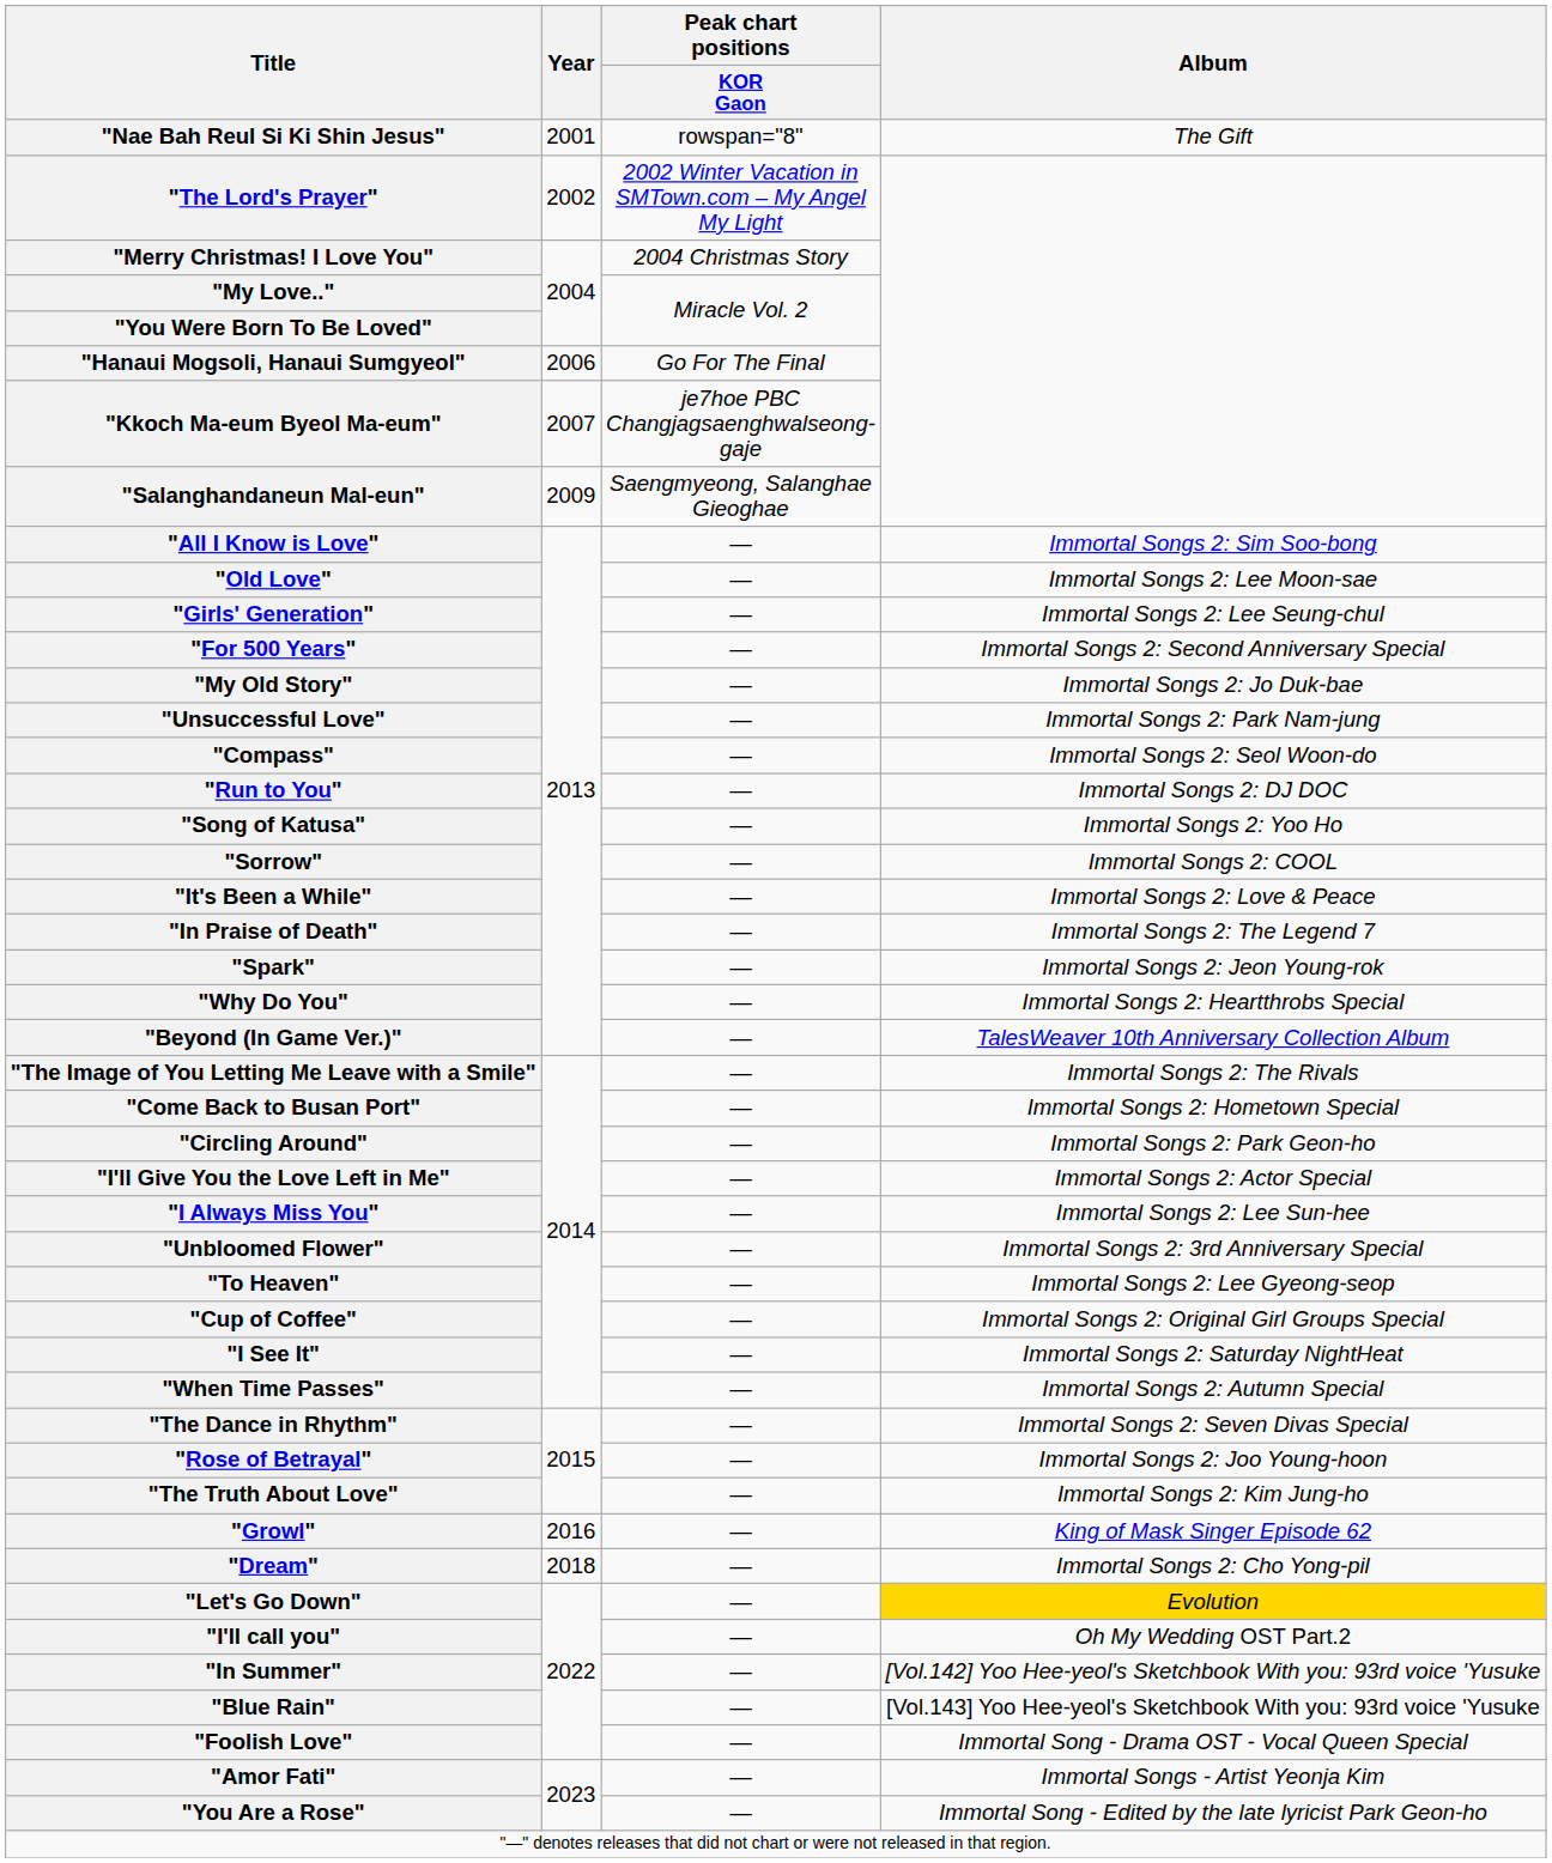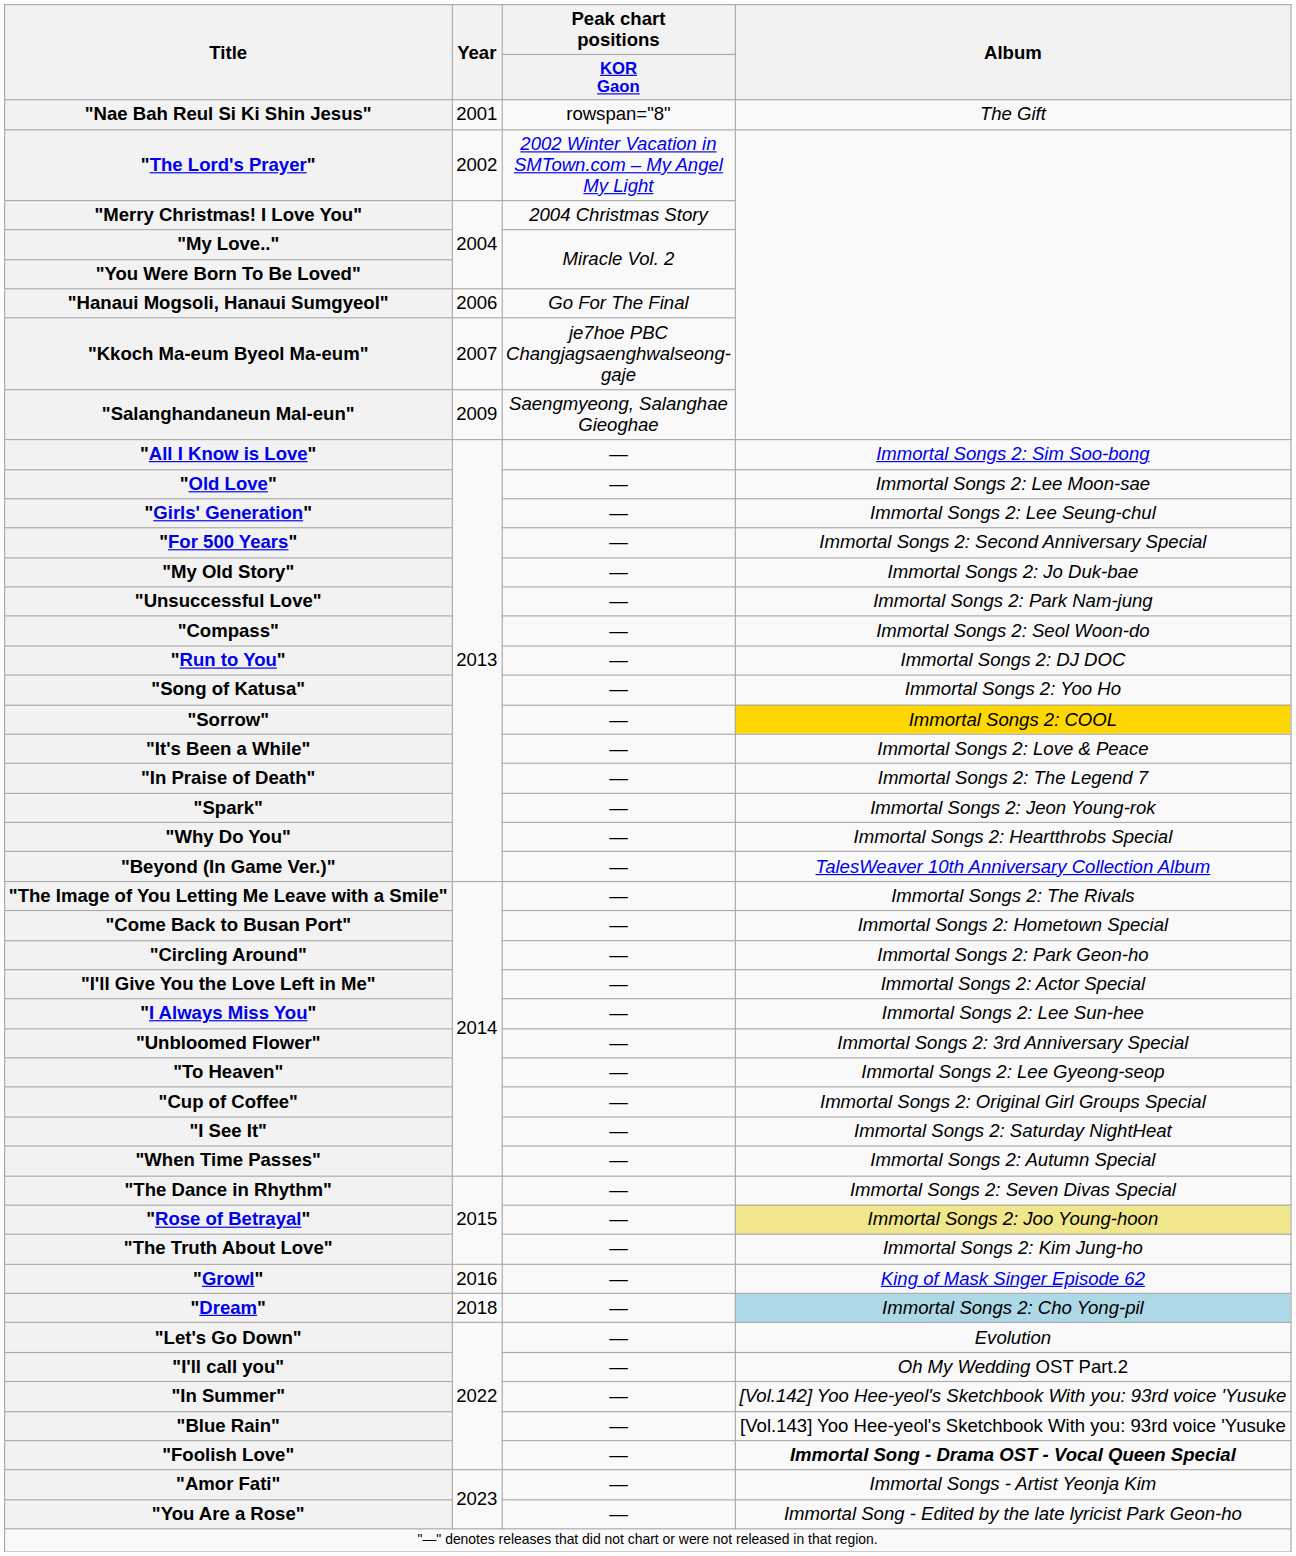 <table class="wikitable plainrowheaders" style="text-align:center;">
 <tr>
 <th scope="col" rowspan="2">Title</th>
 <th scope="col" rowspan="2">Year</th>
 <th scope="col" colspan="1">Peak chart<br>positions</th>
 <th scope="col" rowspan="2">Album</th>
 </tr>
 <tr>
 <th scope="col" style="width:3em;font-size:90%;"><a href='#'>KOR<br>Gaon</a></th>
 </tr>
 <tr>
 <th scope="row">"Nae Bah Reul Si Ki Shin Jesus" </th>
 <td>2001</td>
 <td>rowspan="8" </td>
 <td rowspan="1"><em>The Gift</em></td>
 </tr>
 <tr>
 <th scope="row">"<a href='#'>The Lord's Prayer</a>" </th>
 <td rowspan="1">2002</td>
 <td><em><a href='#'>2002 Winter Vacation in SMTown.com – My Angel My Light</a></em></td>
 </tr>
 <tr>
 <th scope="row">"Merry Christmas! I Love You"</th>
 <td rowspan="3">2004</td>
 <td><em>2004 Christmas Story </em></td>
 </tr>
 <tr>
 <th scope="row">"My Love.."</th>
 <td rowspan="2"><em>Miracle Vol. 2</em></td>
 </tr>
 <tr>
 <th scope="row">"You Were Born To Be Loved" </th>
 </tr>
 <tr>
 <th scope="row">"Hanaui Mogsoli, Hanaui Sumgyeol" <br>  </th>
 <td rowspan="1">2006</td>
 <td><em>Go For The Final</em></td>
 </tr>
 <tr>
 <th scope="row">"Kkoch Ma-eum Byeol Ma-eum" </th>
 <td rowspan="1">2007</td>
 <td><em>je7hoe PBC Changjagsaenghwalseong-gaje</em><br></td>
 </tr>
 <tr>
 <th scope="row">"Salanghandaneun Mal-eun" </th>
 <td rowspan="1">2009</td>
 <td><em>Saengmyeong, Salanghae Gieoghae</em> <br></td>
 </tr>
 <tr>
 <th scope="row">"<a href='#'>All I Know is Love</a>" </th>
 <td rowspan="15">2013</td>
 <td rowspan="1">—</td>
 <td rowspan="1"><em><a href='#'>Immortal Songs 2: Sim Soo-bong</a></em></td>
 </tr>
 <tr>
 <th scope="row">"<a href='#'>Old Love</a>" </th>
 <td rowspan="1">—</td>
 <td rowspan="1"><em>Immortal Songs 2: Lee Moon-sae</em></td>
 </tr>
 <tr>
 <th scope="row">"<a href='#'>Girls' Generation</a>" </th>
 <td rowspan="1">—</td>
 <td rowspan="1"><em>Immortal Songs 2: Lee Seung-chul</em></td>
 </tr>
 <tr>
 <th scope="row">"<a href='#'>For 500 Years</a>" </th>
 <td rowspan="1">—</td>
 <td rowspan="1"><em>Immortal Songs 2: Second Anniversary Special</em></td>
 </tr>
 <tr>
 <th scope="row">"My Old Story" </th>
 <td rowspan="1">—</td>
 <td rowspan="1"><em>Immortal Songs 2: Jo Duk-bae</em></td>
 </tr>
 <tr>
 <th scope="row">"Unsuccessful Love" </th>
 <td rowspan="1">—</td>
 <td rowspan="1"><em>Immortal Songs 2: Park Nam-jung</em></td>
 </tr>
 <tr>
 <th scope="row">"Compass" </th>
 <td rowspan="1">—</td>
 <td rowspan="1"><em>Immortal Songs 2: Seol Woon-do</em></td>
 </tr>
 <tr>
 <th scope="row">"<a href='#'>Run to You</a>"</th>
 <td rowspan="1">—</td>
 <td rowspan="1"><em>Immortal Songs 2: DJ DOC</em></td>
 </tr>
 <tr>
 <th scope="row">"Song of Katusa" </th>
 <td rowspan="1">—</td>
 <td rowspan="1"><em>Immortal Songs 2: Yoo Ho</em></td>
 </tr>
 <tr>
 <th scope="row">"Sorrow"  </th>
 <td rowspan="1">—</td>
-<td rowspan="1"><em>Immortal Songs 2: COOL</em></td>
+<td rowspan="1" style="background: gold;"><em>Immortal Songs 2: COOL</em></td>
 </tr>
 <tr>
 <th scope="row">"It's Been a While" </th>
 <td rowspan="1">—</td>
 <td rowspan="1"><em>Immortal Songs 2: Love & Peace</em></td>
 </tr>
 <tr>
 <th scope="row">"In Praise of Death" </th>
 <td rowspan="1">—</td>
 <td rowspan="1"><em>Immortal Songs 2: The Legend 7</em></td>
 </tr>
 <tr>
 <th scope="row">"Spark" </th>
 <td rowspan="1">—</td>
 <td rowspan="1"><em>Immortal Songs 2: Jeon Young-rok</em></td>
 </tr>
 <tr>
 <th scope="row">"Why Do You"  </th>
 <td rowspan="1">—</td>
 <td rowspan="1"><em>Immortal Songs 2: Heartthrobs Special</em></td>
 </tr>
 <tr>
 <th scope="row">"Beyond (In Game Ver.)"</th>
 <td rowspan="1">—</td>
 <td rowspan="1"><em><a href='#'>TalesWeaver 10th Anniversary Collection Album</a></em></td>
 </tr>
 <tr>
 <th scope="row">"The Image of You Letting Me Leave with a Smile"<br> </th>
 <td rowspan="10">2014</td>
 <td rowspan="1">—</td>
 <td rowspan="1"><em>Immortal Songs 2: The Rivals</em></td>
 </tr>
 <tr>
 <th scope="row">"Come Back to Busan Port" </th>
 <td rowspan="1">—</td>
 <td rowspan="1"><em>Immortal Songs 2: Hometown Special</em></td>
 </tr>
 <tr>
 <th scope="row">"Circling Around" </th>
 <td rowspan="1">—</td>
 <td rowspan="1"><em>Immortal Songs 2: Park Geon-ho</em></td>
 </tr>
 <tr>
 <th scope="row">"I'll Give You the Love Left in Me"<br>  </th>
 <td rowspan="1">—</td>
 <td rowspan="1"><em>Immortal Songs 2: Actor Special</em></td>
 </tr>
 <tr>
 <th scope="row">"<a href='#'>I Always Miss You</a>" </th>
 <td rowspan="1">—</td>
 <td rowspan="1"><em>Immortal Songs 2: Lee Sun-hee</em></td>
 </tr>
 <tr>
 <th scope="row">"Unbloomed Flower" </th>
 <td rowspan="1">—</td>
 <td rowspan="1"><em>Immortal Songs 2: 3rd Anniversary Special</em></td>
 </tr>
 <tr>
 <th scope="row">"To Heaven"</th>
 <td rowspan="1">—</td>
 <td rowspan="1"><em>Immortal Songs 2: Lee Gyeong-seop</em></td>
 </tr>
 <tr>
 <th scope="row">"Cup of Coffee" </th>
 <td rowspan="1">—</td>
 <td rowspan="1"><em>Immortal Songs 2: Original Girl Groups Special </em></td>
 </tr>
 <tr>
 <th scope="row">"I See It" </th>
 <td rowspan="1">—</td>
 <td rowspan="1"><em>Immortal Songs 2: Saturday NightHeat </em></td>
 </tr>
 <tr>
 <th scope="row">"When Time Passes" </th>
 <td rowspan="1">—</td>
 <td rowspan="1"><em>Immortal Songs 2: Autumn Special</em></td>
 </tr>
 <tr>
 <th scope="row">"The Dance in Rhythm" </th>
 <td rowspan="3">2015</td>
 <td rowspan="1">—</td>
 <td rowspan="1"><em>Immortal Songs 2: Seven Divas Special</em></td>
 </tr>
 <tr>
 <th scope="row">"<a href='#'>Rose of Betrayal</a>" </th>
 <td rowspan="1">—</td>
-<td rowspan="1"><em>Immortal Songs 2: Joo Young-hoon</em></td>
+<td rowspan="1" style="background: khaki;"><em>Immortal Songs 2: Joo Young-hoon</em></td>
 </tr>
 <tr>
 <th scope="row">"The Truth About Love"   </th>
 <td rowspan="1">—</td>
 <td rowspan="1"><em>Immortal Songs 2: Kim Jung-ho</em></td>
 </tr>
 <tr>
 <th scope="row">"<a href='#'>Growl</a>"  </th>
 <td rowspan="1">2016</td>
 <td rowspan="1">—</td>
 <td><em><a href='#'>King of Mask Singer Episode 62</a></em></td>
 </tr>
 <tr>
 <th scope="row">"<a href='#'>Dream</a>" </th>
 <td rowspan="1">2018</td>
 <td rowspan="1">—</td>
-<td rowspan="1"><em>Immortal Songs 2: Cho Yong-pil</em></td>
+<td rowspan="1" style="background: lightblue;"><em>Immortal Songs 2: Cho Yong-pil</em></td>
 </tr>
 <tr>
 <th scope="row">"Let's Go Down" </th>
 <td rowspan="5">2022</td>
 <td rowspan="1">—</td>
-<td rowspan="1" style="background: gold;"><em>Evolution</em></td>
+<td rowspan="1"><em>Evolution</em></td>
 </tr>
 <tr>
 <th scope="row">"I'll call you" </th>
 <td rowspan="1">—</td>
 <td rowspan="1"><em>Oh My Wedding</em> OST Part.2</td>
 </tr>
 <tr>
 <th scope="row">"In Summer" </th>
 <td rowspan="1">—</td>
 <td rowspan="1"><em>[Vol.142] Yoo Hee-yeol's Sketchbook With you: 93rd voice 'Yusuke<strong></td>
 </tr>
 <tr>
 <th scope="row">"Blue Rain"</th>
 <td rowspan="1">—</td>
 <td rowspan="1"></em>[Vol.143] Yoo Hee-yeol's Sketchbook With you: 93rd voice 'Yusuke</strong></td>
 </tr>
 <tr>
 <th scope="row">"Foolish Love" </th>
 <td rowspan="1">—</td>
-<td rowspan="1"><em>Immortal Song - Drama OST - Vocal Queen Special</em></td>
+<td rowspan="1"><strong><em>Immortal Song - Drama OST - Vocal Queen Special</em></strong></td>
 </tr>
 <tr>
 <th scope="row">"Amor Fati" </th>
 <td rowspan="2">2023</td>
 <td rowspan="1">—</td>
 <td rowspan="1"><em>Immortal Songs - Artist Yeonja Kim</em></td>
 </tr>
 <tr>
 <th scope="row">"You Are a Rose" </th>
 <td rowspan="1">—</td>
 <td rowspan="1"><em>Immortal Song - Edited by the late lyricist Park Geon-ho</em></td>
 </tr>
 <tr>
 <td colspan="4" style="text-align:center; font-size:9pt;">"—" denotes releases that did not chart or were not released in that region.</td>
 </tr>
 </table>
